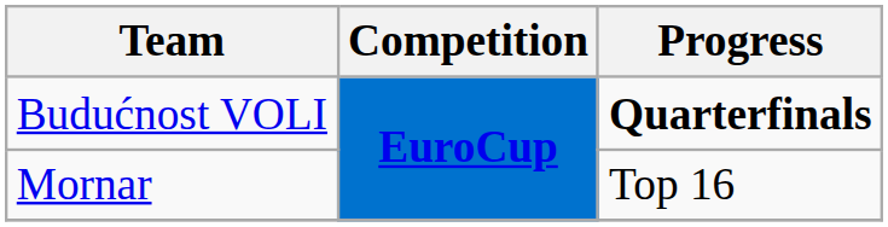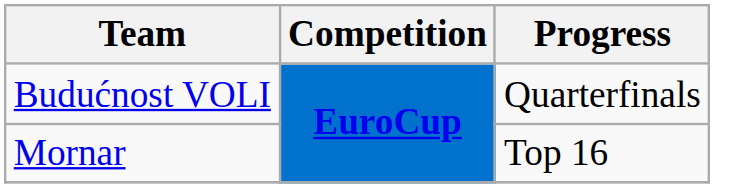 <table class="wikitable sortable">
 <tr>
 <th>Team</th>
 <th>Competition</th>
 <th>Progress</th>
 </tr>
 <tr>
 <td><a href='#'>Budućnost VOLI</a></td>
 <td rowspan="2" style="background-color:#0072CE; color:#FFFFFF; text-align:center"><strong><a href='#'><span>EuroCup</span></a></strong></td>
-<td><strong>Quarterfinals</strong></td>
+<td>Quarterfinals</td>
 </tr>
 <tr>
 <td><a href='#'>Mornar</a></td>
 <td>Top 16</td>
 </tr>
 <tr>
 </tr>
 </table>
